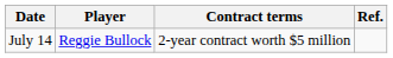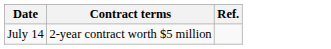 <table class="wikitable sortable sortable" style="text-align: center">
 <tr>
 <th>Date</th>
-<th>Player</th>
 <th>Contract terms</th>
 <th>Ref.</th>
 </tr>
 <tr style="text-align: center">
 <td>July 14</td>
-<td><a href='#'>Reggie Bullock</a></td>
 <td>2-year contract worth $5 million</td>
 <td></td>
 </tr>
 </table>
